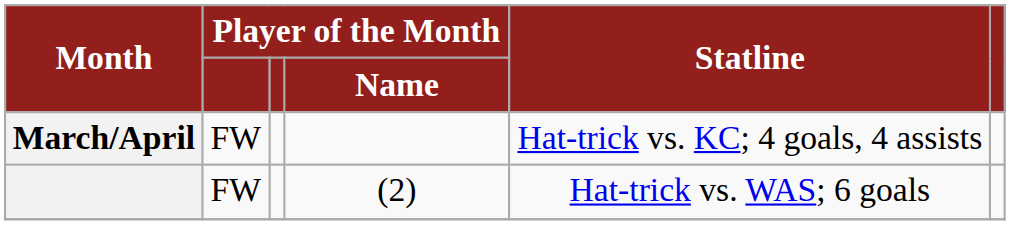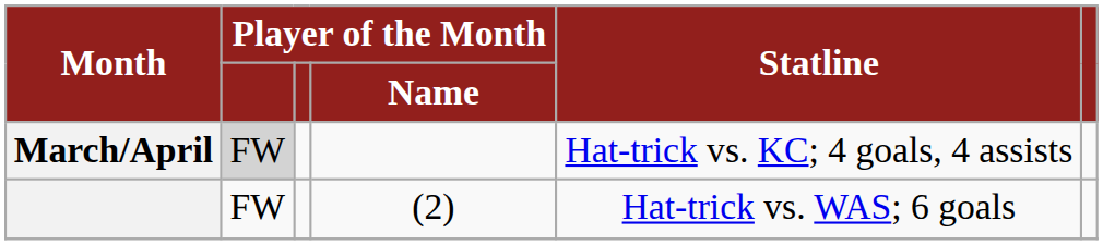 <table class="wikitable sortable" style="text-align:center;">
 <tr>
 <th rowspan=2 style="background:#921f1c; color:#fff;" scope="col">Month</th>
 <th colspan=3 style="background:#921f1c; color:#fff;" scope="colgroup">Player of the Month</th>
 <th rowspan=2 style="background:#921f1c; color:#fff;" scope="col">Statline</th>
 <th rowspan=2 style="background:#921f1c; color:#fff;" scope="col"></th>
 </tr>
 <tr>
 <th style="background:#921f1c; color:#fff;" scope="col"></th>
 <th style="background:#921f1c; color:#fff;" scope="col"></th>
 <th style="background:#921f1c; color:#fff; width:100px;" scope="col">Name</th>
 </tr>
 <tr>
 <th scope="row">March/April</th>
-<td>FW</td>
+<td style="background: lightgrey;">FW</td>
 <td></td>
 <td></td>
 <td><a href='#'>Hat-trick</a> vs. <a href='#'>KC</a>; 4 goals, 4 assists</td>
 <td></td>
 </tr>
 <tr>
 <th scope="row"></th>
 <td>FW</td>
 <td></td>
 <td> (2)</td>
 <td><a href='#'>Hat-trick</a> vs. <a href='#'>WAS</a>; 6 goals</td>
 <td></td>
 </tr>
 <tr>
 </tr>
 </table>
